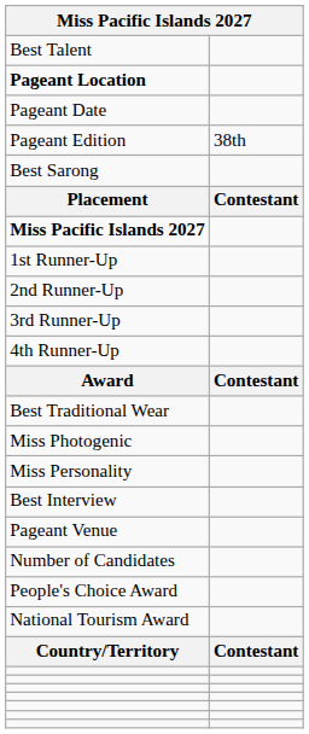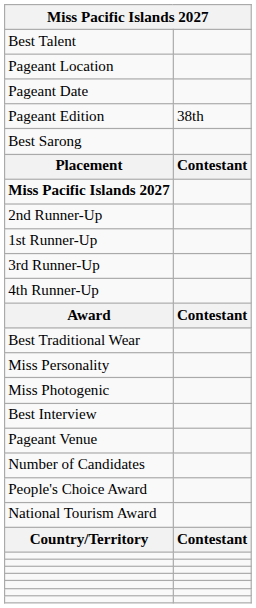 <table class="wikitable sortable" style="font-size: 80%;">
 <tr>
 <th colspan="2"><strong>Miss Pacific Islands 2027</strong></th>
 </tr>
 <tr>
 <td>Best Talent</td>
 <td></td>
 </tr>
 <tr>
-<td><strong>Pageant Location</strong></td>
+<td>Pageant Location</td>
 <td></td>
 </tr>
 <tr>
 <td>Pageant Date</td>
 <td></td>
 </tr>
 <tr>
 <td>Pageant Edition</td>
 <td>38th</td>
 </tr>
 <tr>
 <td>Best Sarong</td>
 <td></td>
 </tr>
 <tr>
 <th>Placement</th>
 <th>Contestant</th>
 </tr>
 <tr>
 <td><strong>Miss Pacific Islands 2027</strong></td>
 <td></td>
 </tr>
 <tr>
-<td>1st Runner-Up</td>
+<td>2nd Runner-Up</td>
 <td></td>
 </tr>
 <tr>
-<td>2nd Runner-Up</td>
+<td>1st Runner-Up</td>
 <td></td>
 </tr>
 <tr>
 <td>3rd Runner-Up</td>
 <td></td>
 </tr>
 <tr>
 <td>4th Runner-Up</td>
 <td></td>
 </tr>
 <tr>
 <th>Award</th>
 <th>Contestant</th>
 </tr>
 <tr>
 <td>Best Traditional Wear</td>
 <td></td>
 </tr>
 <tr>
-<td>Miss Photogenic</td>
+<td>Miss Personality</td>
 <td></td>
 </tr>
 <tr>
-<td>Miss Personality</td>
+<td>Miss Photogenic</td>
 <td></td>
 </tr>
 <tr>
 <td>Best Interview</td>
 <td></td>
 </tr>
 <tr>
 <td>Pageant Venue</td>
 <td></td>
 </tr>
 <tr>
 <td>Number of Candidates</td>
 <td></td>
 </tr>
 <tr>
 <td>People's Choice Award</td>
 <td></td>
 </tr>
 <tr>
 <td>National Tourism Award</td>
 <td></td>
 </tr>
 <tr>
 <th><strong>Country/Territory</strong></th>
 <th>Contestant</th>
 </tr>
 <tr>
 <td></td>
 <td></td>
 </tr>
 <tr>
 <td></td>
 <td></td>
 </tr>
 <tr>
 <td></td>
 <td></td>
 </tr>
 <tr>
 <td></td>
 <td></td>
 </tr>
 <tr>
 <td></td>
 <td></td>
 </tr>
 <tr>
 <td></td>
 <td></td>
 </tr>
 <tr>
 <td></td>
 <td></td>
 </tr>
 </table>
